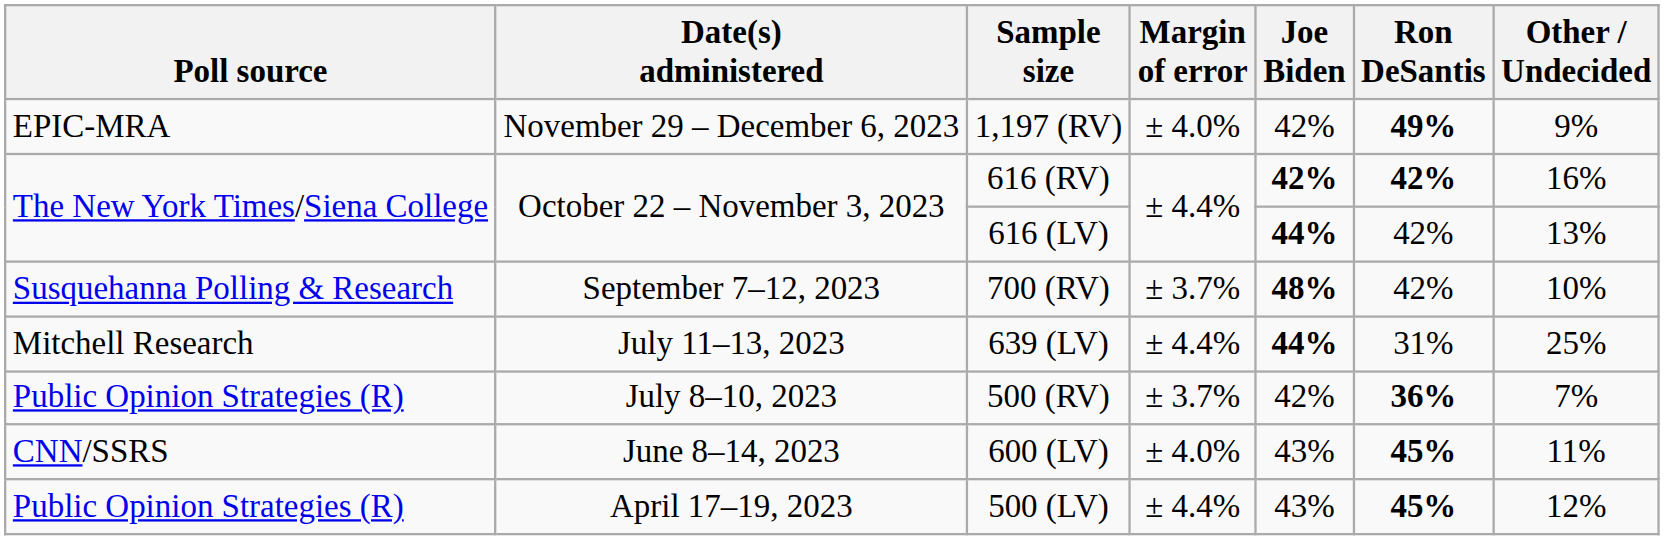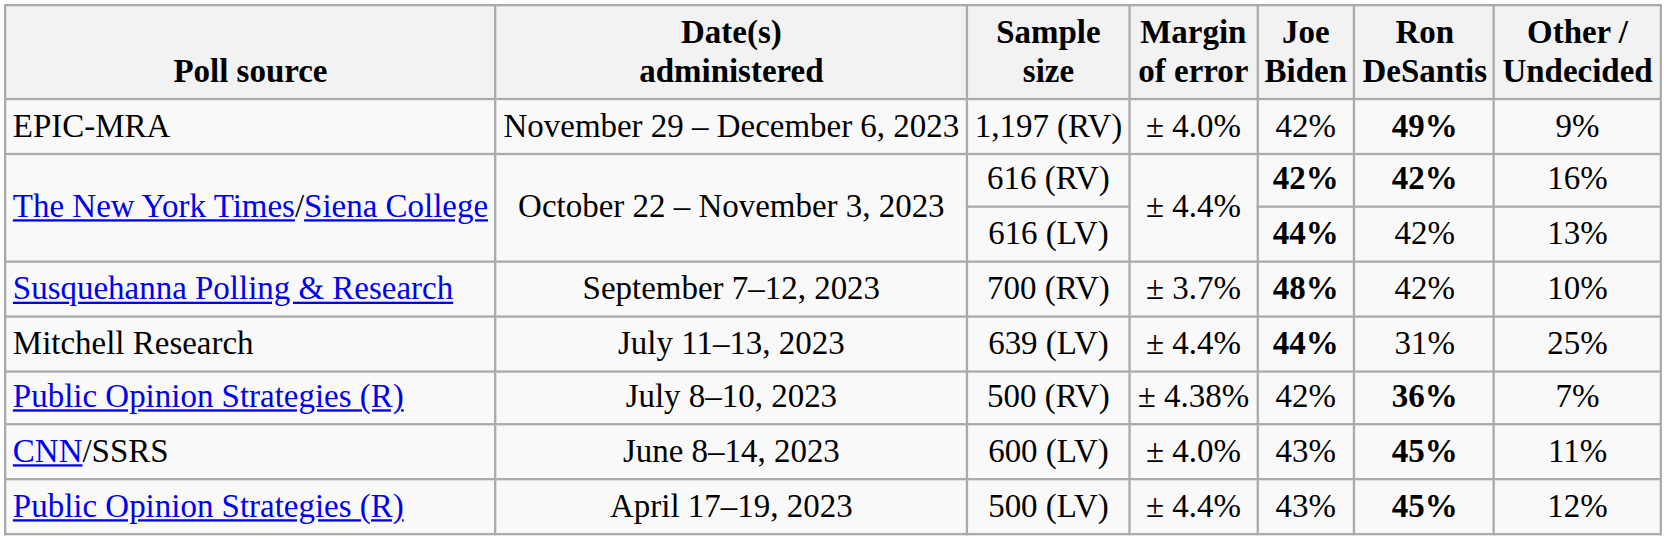 <table class="wikitable sortable mw-datatable" style="font-size:90%;text-align:center;line-height:17px">
 <tr style="vertical-align:bottom">
 <th>Poll source</th>
 <th>Date(s)<br>administered</th>
 <th>Sample<br>size</th>
 <th>Margin<br>of error</th>
 <th class="unsortable">Joe<br>Biden<br></th>
 <th class="unsortable">Ron<br>DeSantis<br></th>
 <th class="unsortable">Other /<br>Undecided</th>
 </tr>
 <tr>
 <td style="text-align:left;">EPIC-MRA</td>
 <td data-sort-value="2023-12-11">November 29 – December 6, 2023</td>
 <td>1,197 (RV)</td>
 <td>± 4.0%</td>
 <td>42%</td>
 <td style="background-color:"><strong>49%</strong></td>
 <td>9%</td>
 </tr>
 <tr>
 <td style="text-align:left;" rowspan="2"><a href='#'>The New York Times</a>/<a href='#'>Siena College</a></td>
 <td rowspan="2">October 22 – November 3, 2023</td>
 <td>616 (RV)</td>
 <td rowspan="2">± 4.4%</td>
 <td><strong>42%</strong></td>
 <td><strong>42%</strong></td>
 <td>16%</td>
 </tr>
 <tr>
 <td>616 (LV)</td>
 <td style="color:black;background-color:"><strong>44%</strong></td>
 <td>42%</td>
 <td>13%</td>
 </tr>
 <tr>
 <td style="text-align:left;"><a href='#'>Susquehanna Polling & Research</a></td>
 <td data-sort-value="2023-06-16">September 7–12, 2023</td>
 <td>700 (RV)</td>
 <td>± 3.7%</td>
 <td style="color:black;background-color:"><strong>48%</strong></td>
 <td>42%</td>
 <td>10%</td>
 </tr>
 <tr>
 <td style="text-align:left;">Mitchell Research</td>
 <td>July 11–13, 2023</td>
 <td>639 (LV)</td>
 <td>± 4.4%</td>
 <td style="color:black;background-color:"><strong>44%</strong></td>
 <td>31%</td>
 <td>25%</td>
 </tr>
 <tr>
 <td style="text-align:left;"><a href='#'>Public Opinion Strategies (R)</a></td>
 <td>July 8–10, 2023</td>
 <td>500 (RV)</td>
-<td>± 3.7%</td>
+<td>± 4.38%</td>
 <td>42%</td>
 <td style="background-color:"><strong>36%</strong></td>
 <td>7%</td>
 </tr>
 <tr>
 <td style="text-align:left;"><a href='#'>CNN</a>/SSRS</td>
 <td data-sort-value="2023-06-16">June 8–14, 2023</td>
 <td>600 (LV)</td>
 <td>± 4.0%</td>
 <td>43%</td>
 <td style="background-color:"><strong>45%</strong></td>
 <td>11%</td>
 </tr>
 <tr>
 <td style="text-align:left;"><a href='#'>Public Opinion Strategies (R)</a></td>
 <td data-sort-value="2023-04-19">April 17–19, 2023</td>
 <td>500 (LV)</td>
 <td>± 4.4%</td>
 <td>43%</td>
 <td style="background-color:"><strong>45%</strong></td>
 <td>12%</td>
 </tr>
 </table>
